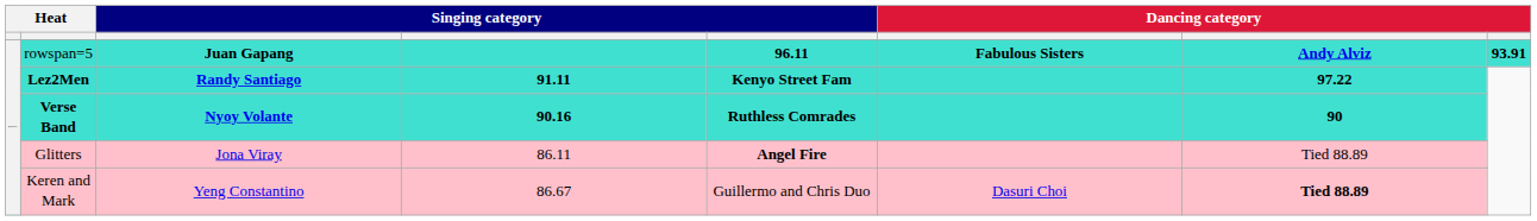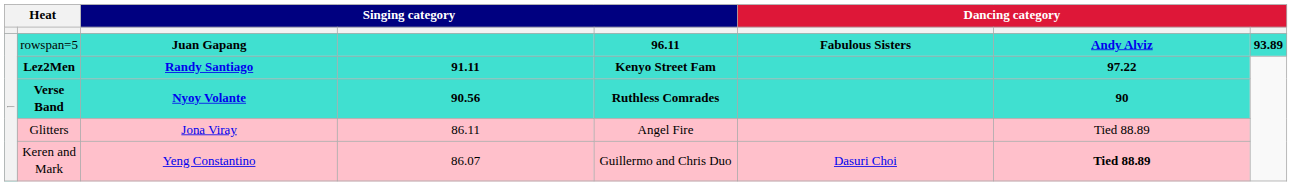 <table class="wikitable" style="text-align:center; line-height:1.3em; width:100%;">
 <tr>
 <th colspan=2 width=02%>Heat</th>
 <th colspan=3 style="background:navy; color:white; width:40%;">Singing category</th>
 <th colspan=3 style="background:#de1738; color:white; width:40%;">Dancing category</th>
 </tr>
 <tr>
 <th width=01%></th>
 <th></th>
 <th width=20%></th>
 <th width=20%></th>
 <th></th>
 <th width=20%></th>
 <th width=20%></th>
 <th></th>
 </tr>
 <tr style="background:turquoise;">
 <th rowspan=5><hr></th>
 <td>rowspan=5 </td>
 <td><strong>Juan Gapang</strong></td>
 <td><strong></strong></td>
 <td><strong>96.11</strong></td>
 <td> <strong>Fabulous Sisters</strong></td>
 <td><strong><a href='#'>Andy Alviz</a></strong></td>
-<td><strong>93.91</strong></td>
+<td><strong>93.89</strong></td>
 </tr>
 <tr style="background:turquoise;">
 <td><strong>Lez2Men</strong></td>
 <td><strong><a href='#'>Randy Santiago</a></strong></td>
 <td><strong>91.11</strong></td>
 <td><strong>Kenyo Street Fam</strong></td>
 <td><strong></strong></td>
 <td><strong>97.22</strong></td>
 </tr>
 <tr style="background:turquoise;">
 <td><strong>Verse Band</strong></td>
 <td><strong><a href='#'>Nyoy Volante</a></strong></td>
-<td><strong>90.16</strong></td>
+<td><strong>90.56</strong></td>
 <td><strong>Ruthless Comrades</strong></td>
 <td><strong></strong></td>
 <td><strong>90</strong></td>
 </tr>
 <tr style="background:pink;">
 <td>Glitters</td>
 <td><a href='#'>Jona Viray</a></td>
 <td>86.11</td>
-<td><strong>Angel Fire</strong></td>
+<td>Angel Fire</td>
 <td></td>
 <td>Tied 88.89</td>
 </tr>
 <tr style="background:pink;">
 <td>Keren and Mark</td>
 <td><a href='#'>Yeng Constantino</a></td>
-<td>86.67</td>
+<td>86.07</td>
 <td>Guillermo and Chris Duo</td>
 <td><a href='#'>Dasuri Choi</a></td>
 <td><strong>Tied 88.89</strong></td>
 </tr>
 </table>
